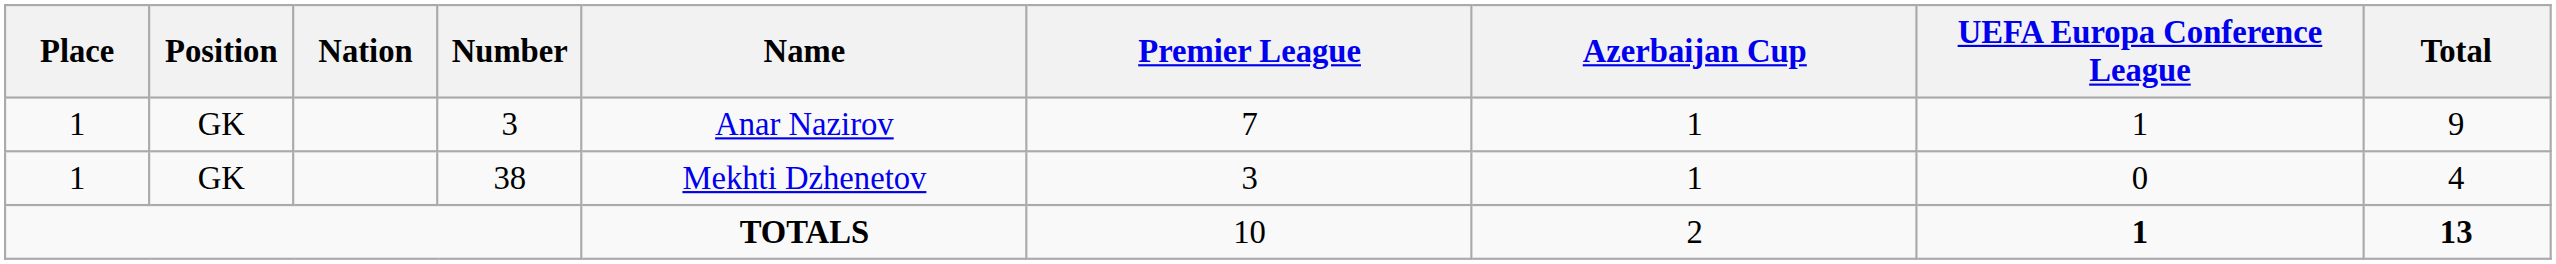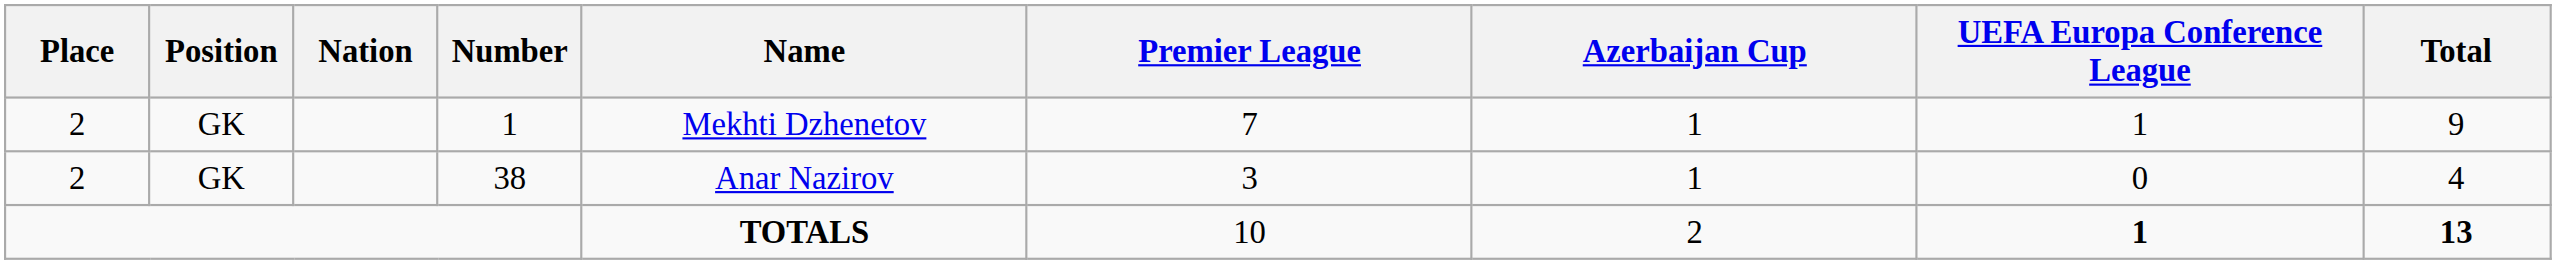 <table class="wikitable" style="font-size: 95%; text-align: center;">
 <tr>
 <th width=60>Place</th>
 <th width=60>Position</th>
 <th width=60>Nation</th>
 <th width=60>Number</th>
 <th width=200>Name</th>
 <th width=200><a href='#'>Premier League</a></th>
 <th width=200><a href='#'>Azerbaijan Cup</a></th>
 <th width=200><a href='#'>UEFA Europa Conference League</a></th>
 <th width=80><strong>Total</strong></th>
 </tr>
 <tr>
-<td>1</td>
+<td>2</td>
 <td>GK</td>
 <td></td>
-<td>3</td>
-<td><a href='#'>Anar Nazirov</a></td>
+<td>1</td>
+<td><a href='#'>Mekhti Dzhenetov</a></td>
 <td>7</td>
 <td>1</td>
 <td>1</td>
 <td>9</td>
 </tr>
 <tr>
-<td>1</td>
+<td>2</td>
 <td>GK</td>
 <td></td>
 <td>38</td>
-<td><a href='#'>Mekhti Dzhenetov</a></td>
+<td><a href='#'>Anar Nazirov</a></td>
 <td>3</td>
 <td>1</td>
 <td>0</td>
 <td>4</td>
 </tr>
 <tr>
 <td colspan="4"></td>
 <td><strong>TOTALS</strong></td>
 <td>10</td>
 <td>2</td>
 <td><strong>1</strong></td>
 <td><strong>13</strong></td>
 </tr>
 </table>
